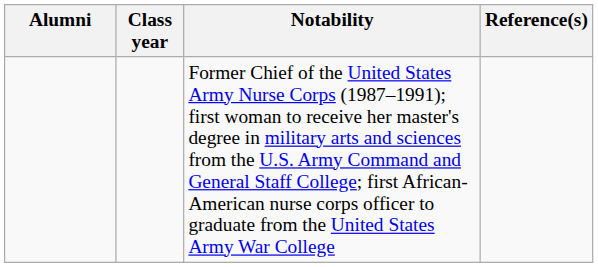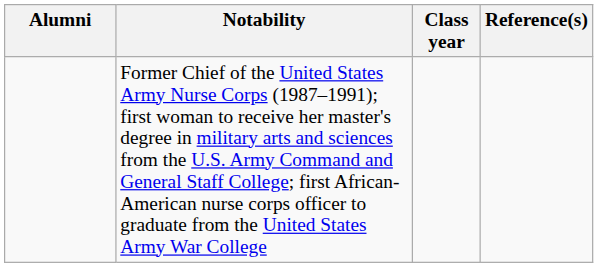 <table class="wikitable sortable" style="width:78%;">
 <tr valign="top">
 <th style="width:20%;">Alumni</th>
+<th style="width:56%;" class="unsortable">Notability</th>
 <th style="width:12%;">Class year</th>
-<th style="width:56%;" class="unsortable">Notability</th>
 <th style="width:12%;" class="unsortable">Reference(s)</th>
 </tr>
 <tr valign="top">
 <td></td>
+<td>Former Chief of the <a href='#'>United States Army Nurse Corps</a> (1987–1991); first woman to receive her master's degree in <a href='#'>military arts and sciences</a> from the <a href='#'>U.S. Army Command and General Staff College</a>; first African-American nurse corps officer to graduate from the <a href='#'>United States Army War College</a></td>
 <td></td>
-<td>Former Chief of the <a href='#'>United States Army Nurse Corps</a> (1987–1991); first woman to receive her master's degree in <a href='#'>military arts and sciences</a> from the <a href='#'>U.S. Army Command and General Staff College</a>; first African-American nurse corps officer to graduate from the <a href='#'>United States Army War College</a></td>
 <td></td>
 </tr>
 </table>
